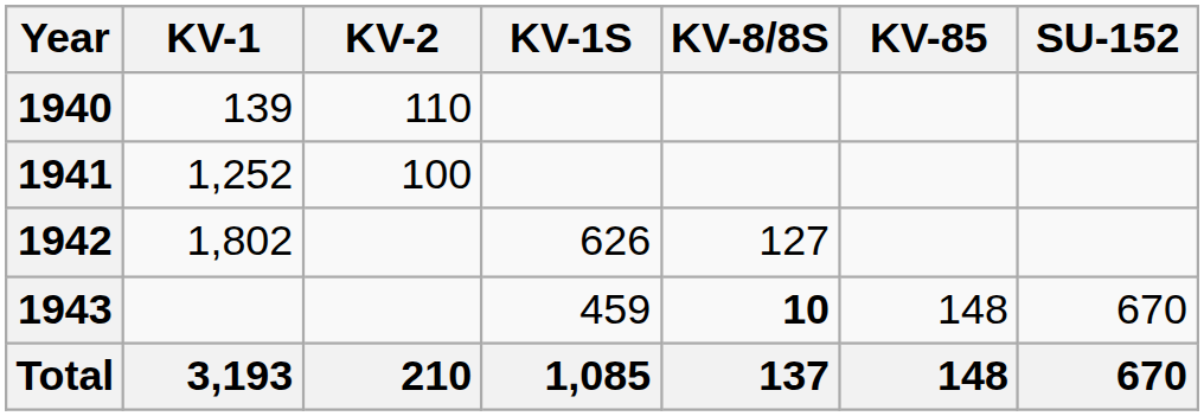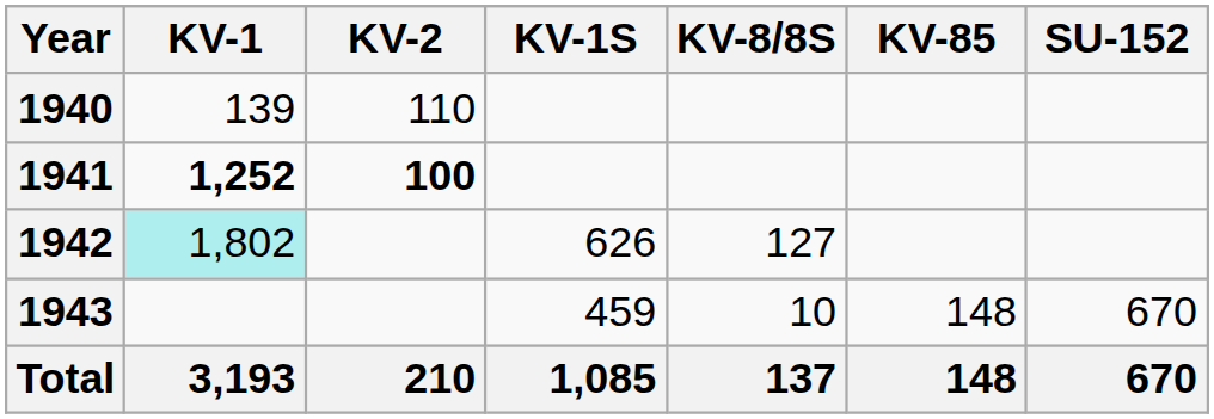 <table class="wikitable">
 <tr>
 </tr>
 <tr valign=top>
 <th>Year</th>
 <th width="60">KV-1</th>
 <th width="60">KV-2</th>
 <th width="60">KV-1S</th>
 <th width="60">KV-8/8S</th>
 <th width="60">KV-85</th>
 <th width="60">SU-152</th>
 </tr>
 <tr valign=top>
 <th>1940</th>
 <td style="text-align: right;">139</td>
 <td style="text-align: right;">110</td>
 <td></td>
 <td></td>
 <td></td>
 <td></td>
 </tr>
 <tr valign=top>
 <th>1941</th>
-<td style="text-align: right;">1,252</td>
-<td style="text-align: right;">100</td>
+<td style="text-align: right;"><strong>1,252</strong></td>
+<td style="text-align: right;"><strong>100</strong></td>
 <td></td>
 <td></td>
 <td></td>
 <td></td>
 </tr>
 <tr valign=top>
 <th>1942</th>
-<td style="text-align: right;">1,802</td>
+<td style="background: paleturquoise; text-align: right;">1,802</td>
 <td></td>
 <td style="text-align: right;">626</td>
 <td style="text-align: right;">127</td>
 <td></td>
 <td></td>
 </tr>
 <tr valign=top>
 <th>1943</th>
 <td></td>
 <td></td>
 <td style="text-align: right;">459</td>
-<td style="text-align: right;"><strong>10</strong></td>
+<td style="text-align: right;">10</td>
 <td style="text-align: right;">148</td>
 <td style="text-align: right;">670</td>
 </tr>
 <tr valign=top>
 <th>Total</th>
 <th style="text-align: right;">3,193</th>
 <th style="text-align: right;">210</th>
 <th style="text-align: right;">1,085</th>
 <th style="text-align: right;">137</th>
 <th style="text-align: right;">148</th>
 <th style="text-align: right;">670</th>
 </tr>
 </table>
